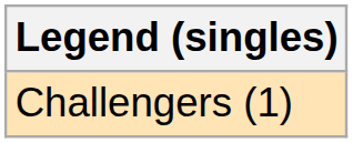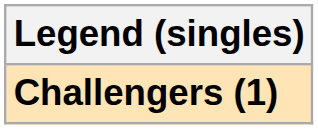 <table class=wikitable style=font-size:97%>
 <tr>
 <th>Legend (singles)</th>
 </tr>
 <tr bgcolor=moccasin>
-<td>Challengers (1)</td>
+<td><strong>Challengers (1)</strong></td>
 </tr>
 </table>
